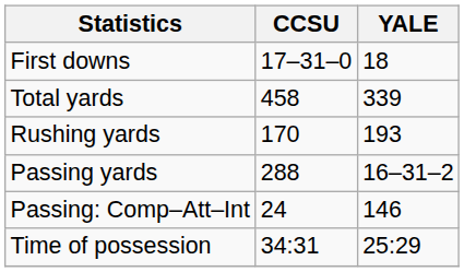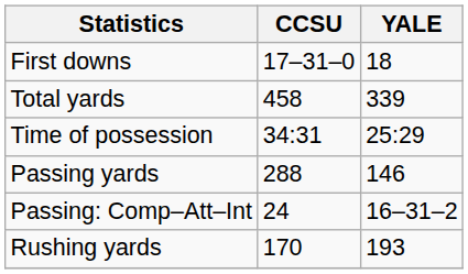 <table class="wikitable" style="float: left;">
 <tr>
 <th>Statistics</th>
 <th>CCSU</th>
 <th>YALE</th>
 </tr>
 <tr>
 <td>First downs</td>
 <td>17–31–0</td>
 <td>18</td>
 </tr>
 <tr>
 <td>Total yards</td>
 <td>458</td>
 <td>339</td>
 </tr>
 <tr>
+<td>Time of possession</td>
+<td>34:31</td>
+<td>25:29</td>
+</tr>
+<tr>
+<td>Passing yards</td>
+<td>288</td>
+<td>146</td>
+</tr>
+<tr>
+<td>Passing: Comp–Att–Int</td>
+<td>24</td>
+<td>16–31–2</td>
+</tr>
+<tr>
 <td>Rushing yards</td>
 <td>170</td>
 <td>193</td>
 </tr>
 <tr>
-<td>Passing yards</td>
-<td>288</td>
-<td>16–31–2</td>
-</tr>
-<tr>
-<td>Passing: Comp–Att–Int</td>
-<td>24</td>
-<td>146</td>
-</tr>
-<tr>
-<td>Time of possession</td>
-<td>34:31</td>
-<td>25:29</td>
-</tr>
-<tr>
 </tr>
 </table>
